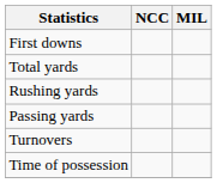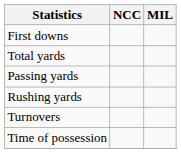 <table class="wikitable">
 <tr>
 <th>Statistics</th>
 <th>NCC</th>
 <th>MIL</th>
 </tr>
 <tr>
 <td>First downs</td>
 <td></td>
 <td></td>
 </tr>
 <tr>
 <td>Total yards</td>
 <td></td>
 <td></td>
 </tr>
 <tr>
-<td>Rushing yards</td>
+<td>Passing yards</td>
 <td></td>
 <td></td>
 </tr>
 <tr>
-<td>Passing yards</td>
+<td>Rushing yards</td>
 <td></td>
 <td></td>
 </tr>
 <tr>
 <td>Turnovers</td>
 <td></td>
 <td></td>
 </tr>
 <tr>
 <td>Time of possession</td>
 <td></td>
 <td></td>
 </tr>
 <tr>
 </tr>
 </table>
